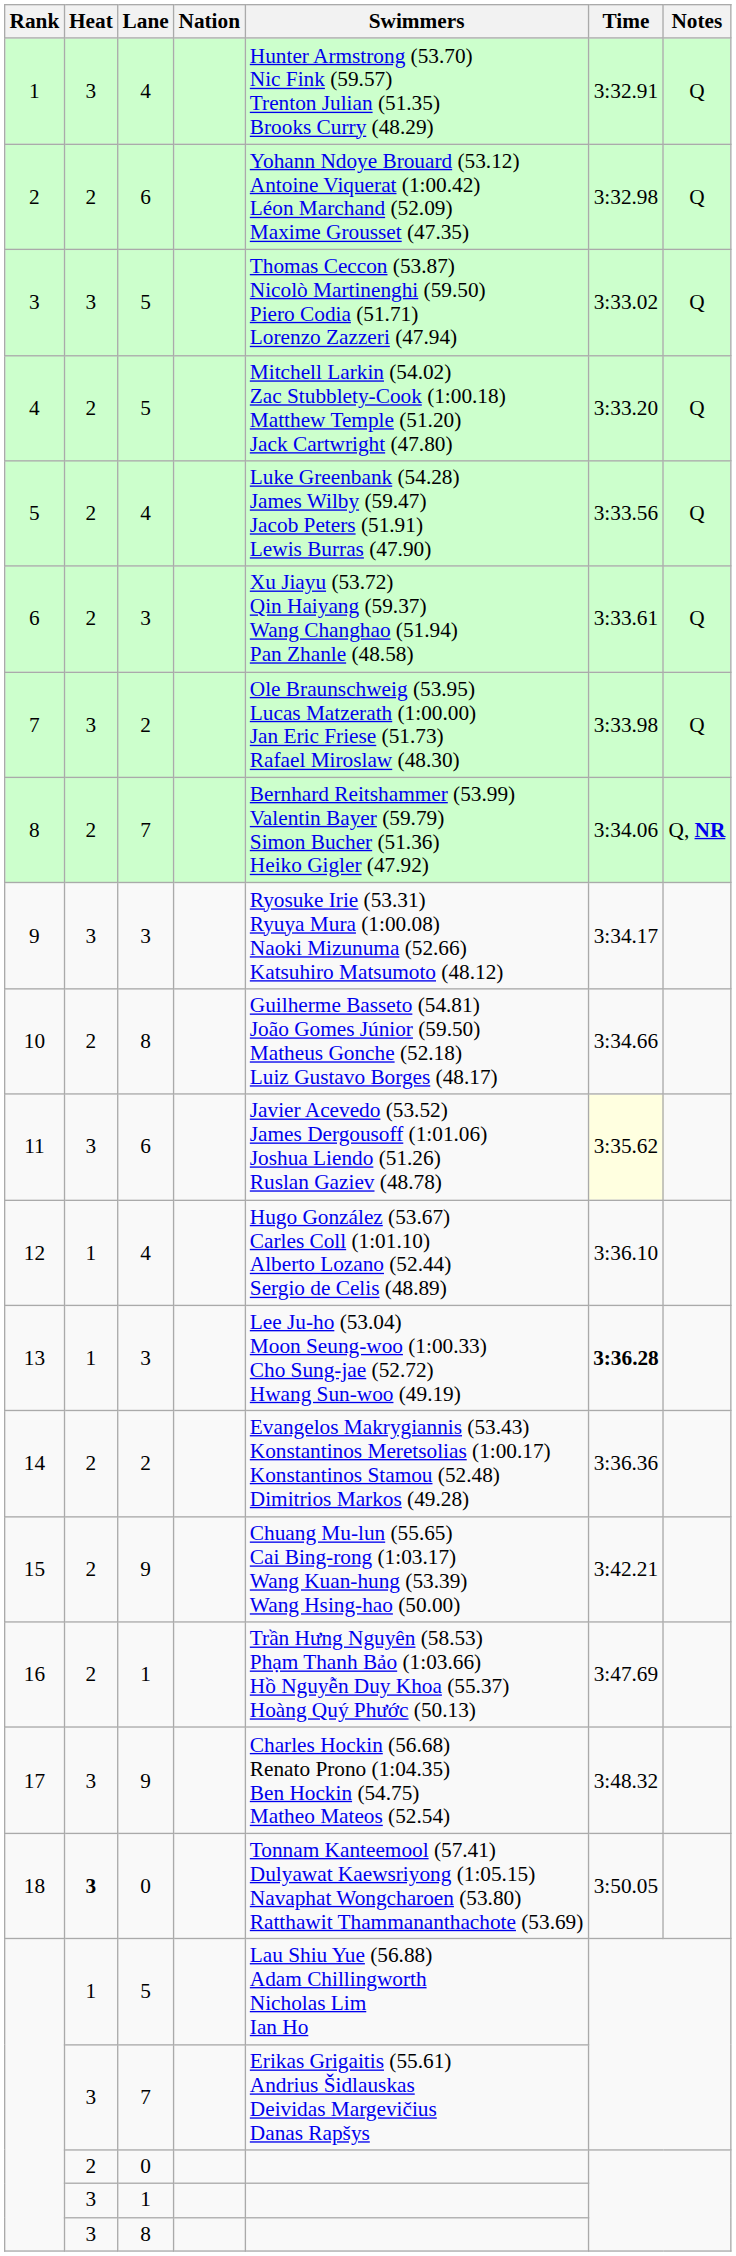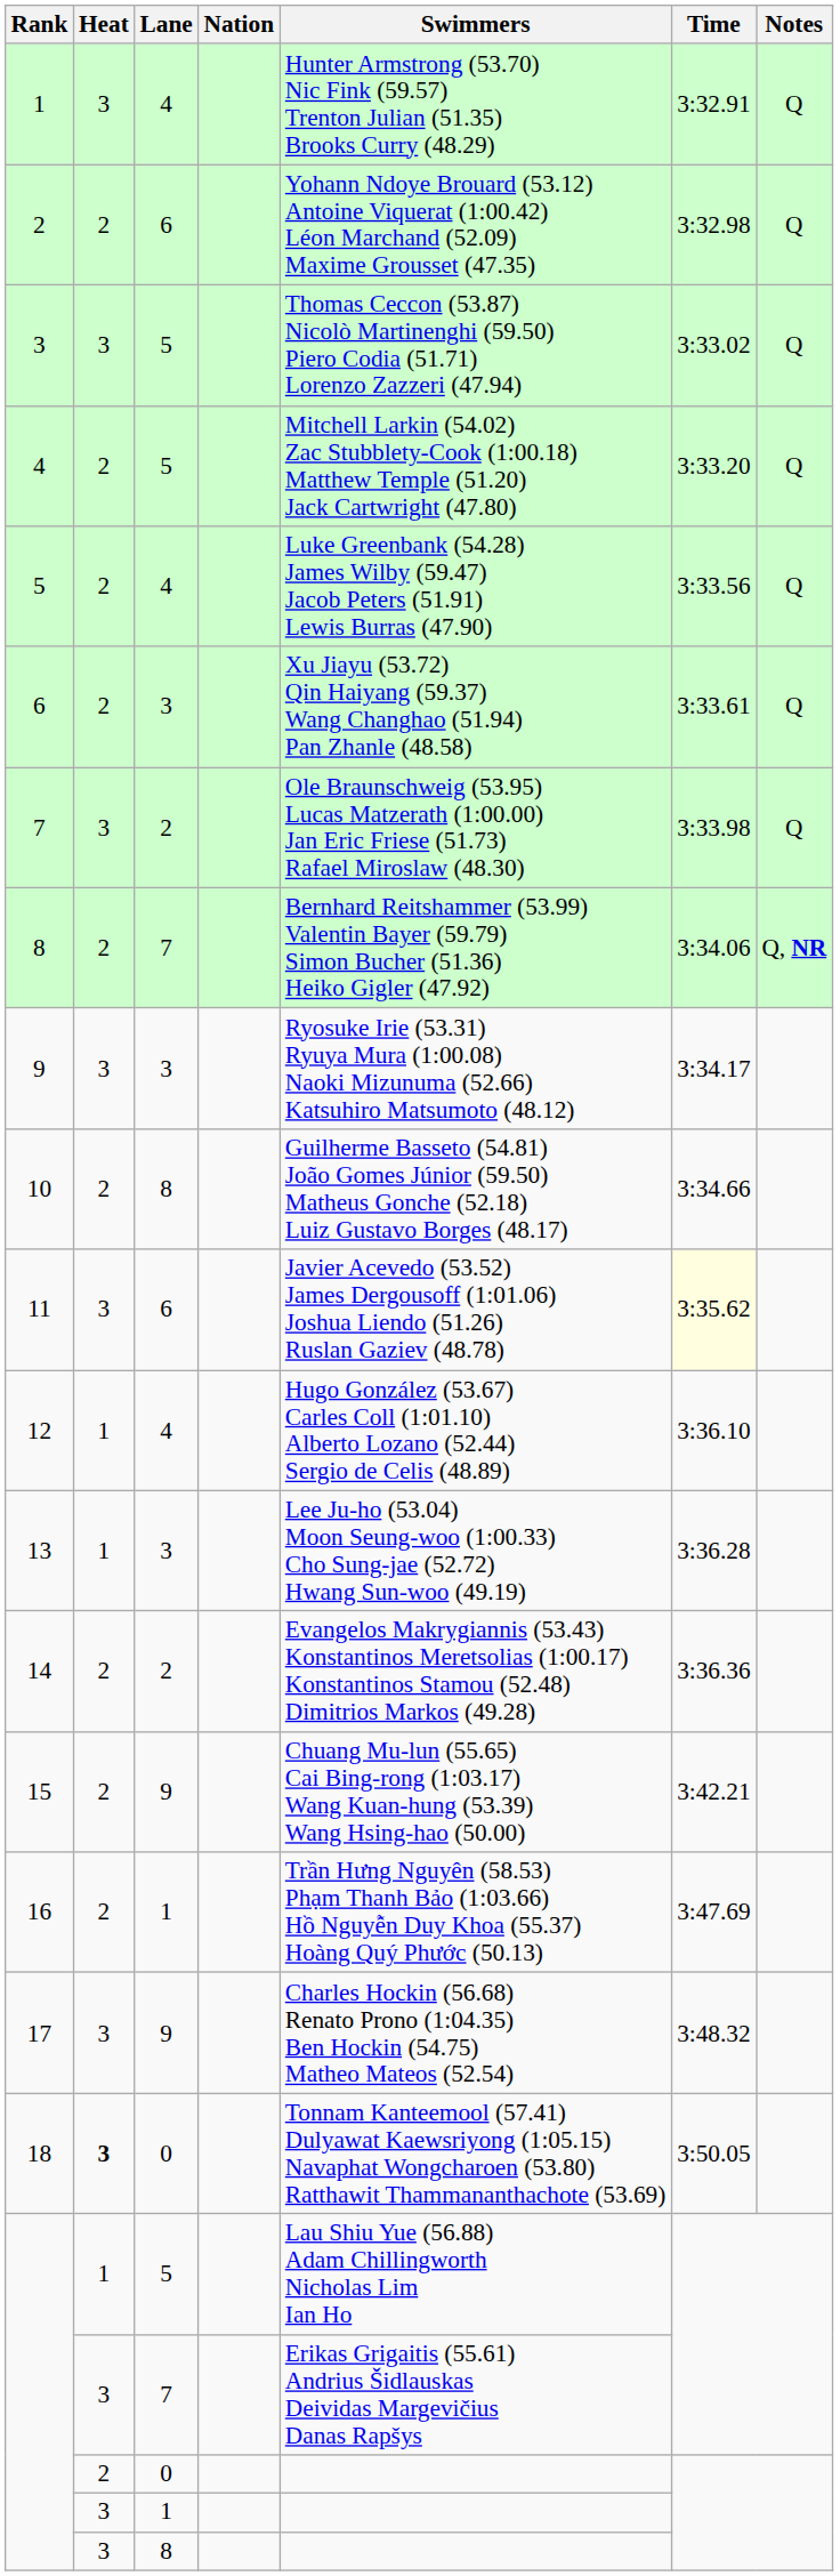 <table class="wikitable sortable" style="text-align:center">
 <tr>
 <th>Rank</th>
 <th>Heat</th>
 <th>Lane</th>
 <th>Nation</th>
 <th>Swimmers</th>
 <th>Time</th>
 <th>Notes</th>
 </tr>
 <tr bgcolor=ccffcc>
 <td>1</td>
 <td>3</td>
 <td>4</td>
 <td align=left></td>
 <td align=left><a href='#'>Hunter Armstrong</a> (53.70)<br><a href='#'>Nic Fink</a> (59.57)<br><a href='#'>Trenton Julian</a> (51.35)<br><a href='#'>Brooks Curry</a> (48.29)</td>
 <td>3:32.91</td>
 <td>Q</td>
 </tr>
 <tr bgcolor=ccffcc>
 <td>2</td>
 <td>2</td>
 <td>6</td>
 <td align=left></td>
 <td align=left><a href='#'>Yohann Ndoye Brouard</a> (53.12)<br><a href='#'>Antoine Viquerat</a> (1:00.42)<br><a href='#'>Léon Marchand</a> (52.09)<br><a href='#'>Maxime Grousset</a> (47.35)</td>
 <td>3:32.98</td>
 <td>Q</td>
 </tr>
 <tr bgcolor=ccffcc>
 <td>3</td>
 <td>3</td>
 <td>5</td>
 <td align=left></td>
 <td align=left><a href='#'>Thomas Ceccon</a> (53.87)<br><a href='#'>Nicolò Martinenghi</a> (59.50)<br><a href='#'>Piero Codia</a> (51.71)<br><a href='#'>Lorenzo Zazzeri</a> (47.94)</td>
 <td>3:33.02</td>
 <td>Q</td>
 </tr>
 <tr bgcolor=ccffcc>
 <td>4</td>
 <td>2</td>
 <td>5</td>
 <td align=left></td>
 <td align=left><a href='#'>Mitchell Larkin</a> (54.02)<br><a href='#'>Zac Stubblety-Cook</a> (1:00.18)<br><a href='#'>Matthew Temple</a> (51.20)<br><a href='#'>Jack Cartwright</a> (47.80)</td>
 <td>3:33.20</td>
 <td>Q</td>
 </tr>
 <tr bgcolor=ccffcc>
 <td>5</td>
 <td>2</td>
 <td>4</td>
 <td align=left></td>
 <td align=left><a href='#'>Luke Greenbank</a> (54.28)<br><a href='#'>James Wilby</a> (59.47)<br><a href='#'>Jacob Peters</a> (51.91)<br><a href='#'>Lewis Burras</a> (47.90)</td>
 <td>3:33.56</td>
 <td>Q</td>
 </tr>
 <tr bgcolor=ccffcc>
 <td>6</td>
 <td>2</td>
 <td>3</td>
 <td align=left></td>
 <td align=left><a href='#'>Xu Jiayu</a> (53.72)<br><a href='#'>Qin Haiyang</a> (59.37)<br><a href='#'>Wang Changhao</a> (51.94)<br><a href='#'>Pan Zhanle</a> (48.58)</td>
 <td>3:33.61</td>
 <td>Q</td>
 </tr>
 <tr bgcolor=ccffcc>
 <td>7</td>
 <td>3</td>
 <td>2</td>
 <td align=left></td>
 <td align=left><a href='#'>Ole Braunschweig</a> (53.95)<br><a href='#'>Lucas Matzerath</a> (1:00.00)<br><a href='#'>Jan Eric Friese</a> (51.73)<br><a href='#'>Rafael Miroslaw</a> (48.30)</td>
 <td>3:33.98</td>
 <td>Q</td>
 </tr>
 <tr bgcolor=ccffcc>
 <td>8</td>
 <td>2</td>
 <td>7</td>
 <td align=left></td>
 <td align=left><a href='#'>Bernhard Reitshammer</a> (53.99)<br><a href='#'>Valentin Bayer</a> (59.79)<br><a href='#'>Simon Bucher</a> (51.36)<br><a href='#'>Heiko Gigler</a> (47.92)</td>
 <td>3:34.06</td>
 <td>Q, <strong><a href='#'>NR</a></strong></td>
 </tr>
 <tr>
 <td>9</td>
 <td>3</td>
 <td>3</td>
 <td align=left></td>
 <td align=left><a href='#'>Ryosuke Irie</a> (53.31)<br><a href='#'>Ryuya Mura</a> (1:00.08)<br><a href='#'>Naoki Mizunuma</a> (52.66)<br><a href='#'>Katsuhiro Matsumoto</a> (48.12)</td>
 <td>3:34.17</td>
 <td></td>
 </tr>
 <tr>
 <td>10</td>
 <td>2</td>
 <td>8</td>
 <td align=left></td>
 <td align=left><a href='#'>Guilherme Basseto</a> (54.81)<br><a href='#'>João Gomes Júnior</a> (59.50)<br><a href='#'>Matheus Gonche</a> (52.18)<br><a href='#'>Luiz Gustavo Borges</a> (48.17)</td>
 <td>3:34.66</td>
 <td></td>
 </tr>
 <tr>
 <td>11</td>
 <td>3</td>
 <td>6</td>
 <td align=left></td>
 <td align=left><a href='#'>Javier Acevedo</a> (53.52)<br><a href='#'>James Dergousoff</a> (1:01.06)<br><a href='#'>Joshua Liendo</a> (51.26)<br><a href='#'>Ruslan Gaziev</a> (48.78)</td>
 <td style="background: lightyellow;">3:35.62</td>
 <td></td>
 </tr>
 <tr>
 <td>12</td>
 <td>1</td>
 <td>4</td>
 <td align=left></td>
 <td align=left><a href='#'>Hugo González</a> (53.67)<br><a href='#'>Carles Coll</a> (1:01.10)<br><a href='#'>Alberto Lozano</a> (52.44)<br><a href='#'>Sergio de Celis</a> (48.89)</td>
 <td>3:36.10</td>
 <td></td>
 </tr>
 <tr>
 <td>13</td>
 <td>1</td>
 <td>3</td>
 <td align=left></td>
 <td align=left><a href='#'>Lee Ju-ho</a> (53.04)<br><a href='#'>Moon Seung-woo</a> (1:00.33)<br><a href='#'>Cho Sung-jae</a> (52.72)<br><a href='#'>Hwang Sun-woo</a> (49.19)</td>
-<td><strong>3:36.28</strong></td>
+<td>3:36.28</td>
 <td></td>
 </tr>
 <tr>
 <td>14</td>
 <td>2</td>
 <td>2</td>
 <td align=left></td>
 <td align=left><a href='#'>Evangelos Makrygiannis</a> (53.43)<br><a href='#'>Konstantinos Meretsolias</a> (1:00.17)<br><a href='#'>Konstantinos Stamou</a> (52.48)<br><a href='#'>Dimitrios Markos</a> (49.28)</td>
 <td>3:36.36</td>
 <td></td>
 </tr>
 <tr>
 <td>15</td>
 <td>2</td>
 <td>9</td>
 <td align=left></td>
 <td align=left><a href='#'>Chuang Mu-lun</a> (55.65)<br><a href='#'>Cai Bing-rong</a> (1:03.17)<br><a href='#'>Wang Kuan-hung</a> (53.39)<br><a href='#'>Wang Hsing-hao</a> (50.00)</td>
 <td>3:42.21</td>
 <td></td>
 </tr>
 <tr>
 <td>16</td>
 <td>2</td>
 <td>1</td>
 <td align=left></td>
 <td align=left><a href='#'>Trần Hưng Nguyên</a> (58.53)<br><a href='#'>Phạm Thanh Bảo</a> (1:03.66)<br><a href='#'>Hồ Nguyễn Duy Khoa</a> (55.37)<br><a href='#'>Hoàng Quý Phước</a> (50.13)</td>
 <td>3:47.69</td>
 <td></td>
 </tr>
 <tr>
 <td>17</td>
 <td>3</td>
 <td>9</td>
 <td align=left></td>
 <td align=left><a href='#'>Charles Hockin</a> (56.68)<br>Renato Prono (1:04.35)<br><a href='#'>Ben Hockin</a> (54.75)<br><a href='#'>Matheo Mateos</a> (52.54)</td>
 <td>3:48.32</td>
 <td></td>
 </tr>
 <tr>
 <td>18</td>
 <td><strong>3</strong></td>
 <td>0</td>
 <td align=left></td>
 <td align=left><a href='#'>Tonnam Kanteemool</a> (57.41)<br><a href='#'>Dulyawat Kaewsriyong</a> (1:05.15)<br><a href='#'>Navaphat Wongcharoen</a> (53.80)<br><a href='#'>Ratthawit Thammananthachote</a> (53.69)</td>
 <td>3:50.05</td>
 <td></td>
 </tr>
 <tr>
 <td rowspan=5></td>
 <td>1</td>
 <td>5</td>
 <td align=left></td>
 <td align=left><a href='#'>Lau Shiu Yue</a> (56.88)<br><a href='#'>Adam Chillingworth</a><br><a href='#'>Nicholas Lim</a><br><a href='#'>Ian Ho</a></td>
 <td colspan="2" rowspan="2"></td>
 </tr>
 <tr>
 <td>3</td>
 <td>7</td>
 <td align=left></td>
 <td align=left><a href='#'>Erikas Grigaitis</a> (55.61)<br><a href='#'>Andrius Šidlauskas</a><br><a href='#'>Deividas Margevičius</a><br><a href='#'>Danas Rapšys</a></td>
 </tr>
 <tr>
 <td>2</td>
 <td>0</td>
 <td align=left></td>
 <td></td>
 <td colspan=2 rowspan=3></td>
 </tr>
 <tr>
 <td>3</td>
 <td>1</td>
 <td align=left></td>
 <td></td>
 </tr>
 <tr>
 <td>3</td>
 <td>8</td>
 <td align=left></td>
 <td></td>
 </tr>
 </table>
